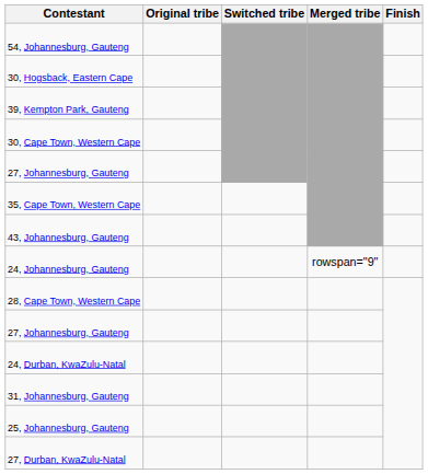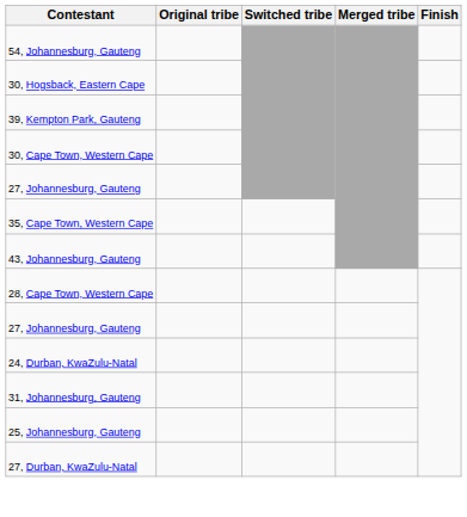 <table class="wikitable sortable" style="margin:auto; text-align:center">
 <tr>
 <th>Contestant</th>
 <th>Original tribe</th>
 <th>Switched tribe</th>
 <th>Merged tribe</th>
 <th>Finish</th>
 </tr>
 <tr>
 <td align="left"><strong></strong><br><small>54, <a href='#'>Johannesburg, Gauteng</a></small></td>
 <td></td>
 <td rowspan="5" bgcolor="darkgray"></td>
 <td rowspan="7" bgcolor="darkgray"></td>
 <td></td>
 </tr>
 <tr>
 <td align="left"><strong></strong><br><small>30, <a href='#'>Hogsback, Eastern Cape</a></small></td>
 <td></td>
 <td></td>
 </tr>
 <tr>
 <td align="left"><strong></strong><br><small>39, <a href='#'>Kempton Park, Gauteng</a></small></td>
 <td></td>
 <td></td>
 </tr>
 <tr>
 <td align="left"><strong></strong><br><small>30, <a href='#'>Cape Town, Western Cape</a></small></td>
 <td></td>
 <td></td>
 </tr>
 <tr>
 <td align="left"><strong></strong><br><small>27, <a href='#'>Johannesburg, Gauteng</a></small></td>
 <td></td>
 <td></td>
 </tr>
 <tr>
 <td align="left"><strong></strong><br><small>35, <a href='#'>Cape Town, Western Cape</a></small></td>
 <td></td>
 <td></td>
 <td></td>
 </tr>
 <tr>
 <td align="left"><strong></strong><br><small>43, <a href='#'>Johannesburg, Gauteng</a></small></td>
 <td></td>
 <td></td>
 <td></td>
 </tr>
 <tr>
-<td align="left"><strong></strong><br><small>24, <a href='#'>Johannesburg, Gauteng</a></small></td>
-<td></td>
-<td></td>
-<td>rowspan="9" </td>
-<td></td>
-</tr>
-<tr>
 <td align="left"><strong></strong><br><small>28, <a href='#'>Cape Town, Western Cape</a></small></td>
 <td></td>
 <td></td>
 <td></td>
 </tr>
 <tr>
 <td align="left"><strong></strong><br><small>27, <a href='#'>Johannesburg, Gauteng</a></small></td>
 <td></td>
 <td></td>
 <td></td>
 </tr>
 <tr>
 <td align="left"><strong></strong><br><small>24, <a href='#'>Durban, KwaZulu-Natal</a></small></td>
 <td></td>
 <td></td>
 <td></td>
 </tr>
 <tr>
 <td align="left"><strong></strong><br><small>31, <a href='#'>Johannesburg, Gauteng</a></small></td>
 <td></td>
 <td></td>
 <td></td>
 </tr>
 <tr>
 <td align="left"><strong></strong><br><small>25, <a href='#'>Johannesburg, Gauteng</a></small></td>
 <td></td>
 <td></td>
 <td></td>
 </tr>
 <tr>
 <td align="left"><strong></strong><br><small>27, <a href='#'>Durban, KwaZulu-Natal</a></small></td>
 <td></td>
 <td></td>
 <td></td>
 </tr>
 </table>
